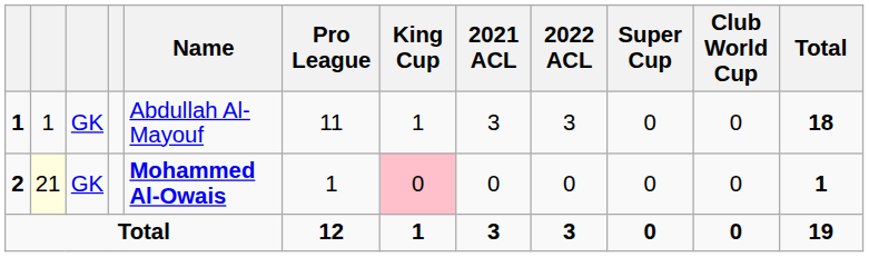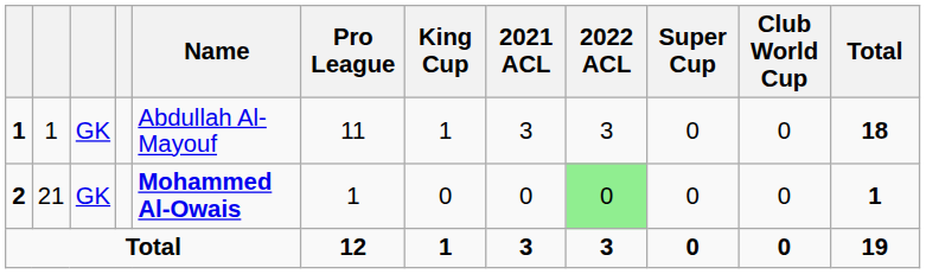 <table class="wikitable" style="text-align:center">
 <tr>
 <th width=15></th>
 <th width=15></th>
 <th width=15></th>
 <th width=15></th>
 <th width=155>Name</th>
 <th width=80>Pro League</th>
 <th width=80>King Cup</th>
 <th width=80>2021 ACL</th>
 <th width=80>2022 ACL</th>
 <th width=80>Super Cup</th>
 <th width=80>Club World Cup</th>
 <th width=100>Total</th>
 </tr>
 <tr>
 <td><strong>1</strong></td>
 <td>1</td>
 <td><a href='#'>GK</a></td>
 <td></td>
 <td align=left><a href='#'>Abdullah Al-Mayouf</a></td>
 <td>11</td>
 <td>1</td>
 <td>3</td>
 <td>3</td>
 <td>0</td>
 <td>0</td>
 <td><strong>18</strong></td>
 </tr>
 <tr>
 <td><strong>2</strong></td>
-<td style="background: lightyellow;">21</td>
+<td>21</td>
 <td><a href='#'>GK</a></td>
 <td></td>
 <td align=left><strong><a href='#'>Mohammed Al-Owais</a></strong></td>
 <td>1</td>
-<td style="background: pink;">0</td>
 <td>0</td>
 <td>0</td>
+<td style="background: lightgreen;">0</td>
 <td>0</td>
 <td>0</td>
 <td><strong>1</strong></td>
 </tr>
 <tr>
 <td colspan=5><strong>Total</strong></td>
 <td><strong>12</strong></td>
 <td><strong>1</strong></td>
 <td><strong>3</strong></td>
 <td><strong>3</strong></td>
 <td><strong>0</strong></td>
 <td><strong>0</strong></td>
 <td><strong>19</strong></td>
 </tr>
 </table>
